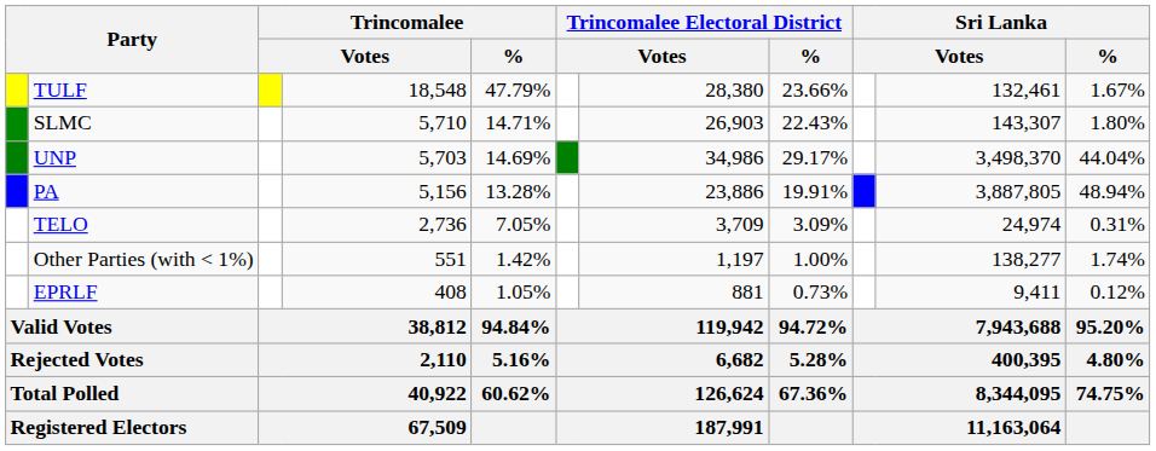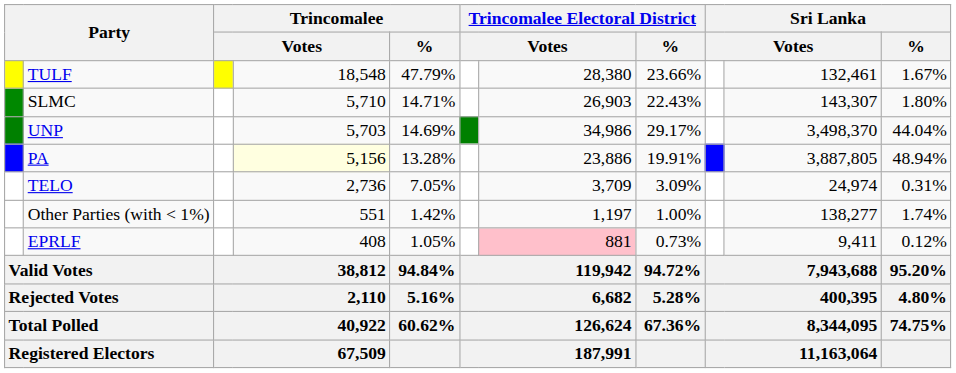 <table class="wikitable">
 <tr>
 <th colspan="2" width="144px"rowspan="2">Party</th>
 <th colspan="3" width="216px">Trincomalee</th>
 <th colspan="3" width="216px"><a href='#'>Trincomalee Electoral District</a></th>
 <th colspan="3" width="216px">Sri Lanka</th>
 </tr>
 <tr>
 <th colspan="2" width="144px">Votes</th>
 <th>%</th>
 <th colspan="2" width="144px">Votes</th>
 <th>%</th>
 <th colspan="2" width="144px">Votes</th>
 <th>%</th>
 </tr>
 <tr>
 <td style="background-color:yellow;" width="10px"></td>
 <td style="text-align:left;"><a href='#'>TULF</a></td>
 <td style="background-color:yellow;" width="10px"></td>
 <td style="text-align:right;">18,548</td>
 <td style="text-align:right;">47.79%</td>
 <td style="background-color:white;" width="10px"></td>
 <td style="text-align:right;">28,380</td>
 <td style="text-align:right;">23.66%</td>
 <td style="background-color:white;" width="10px"></td>
 <td style="text-align:right;">132,461</td>
 <td style="text-align:right;">1.67%</td>
 </tr>
 <tr>
 <td style="background-color:#008800;" width="10px"></td>
 <td style="text-align:left;">SLMC</td>
 <td style="background-color:white;" width="10px"></td>
 <td style="text-align:right;">5,710</td>
 <td style="text-align:right;">14.71%</td>
 <td style="background-color:white;" width="10px"></td>
 <td style="text-align:right;">26,903</td>
 <td style="text-align:right;">22.43%</td>
 <td style="background-color:white;" width="10px"></td>
 <td style="text-align:right;">143,307</td>
 <td style="text-align:right;">1.80%</td>
 </tr>
 <tr>
 <td style="background-color:green;" width="10px"></td>
 <td style="text-align:left;"><a href='#'>UNP</a></td>
 <td style="background-color:white;" width="10px"></td>
 <td style="text-align:right;">5,703</td>
 <td style="text-align:right;">14.69%</td>
 <td style="background-color:green;" width="10px"></td>
 <td style="text-align:right;">34,986</td>
 <td style="text-align:right;">29.17%</td>
 <td style="background-color:white;" width="10px"></td>
 <td style="text-align:right;">3,498,370</td>
 <td style="text-align:right;">44.04%</td>
 </tr>
 <tr>
 <td style="background-color:blue;" width="10px"></td>
 <td style="text-align:left;"><a href='#'>PA</a></td>
 <td style="background-color:white;" width="10px"></td>
-<td style="text-align:right;">5,156</td>
+<td style="background: lightyellow; text-align:right;">5,156</td>
 <td style="text-align:right;">13.28%</td>
 <td style="background-color:white;" width="10px"></td>
 <td style="text-align:right;">23,886</td>
 <td style="text-align:right;">19.91%</td>
 <td style="background-color:blue;" width="10px"></td>
 <td style="text-align:right;">3,887,805</td>
 <td style="text-align:right;">48.94%</td>
 </tr>
 <tr>
 <td style="background-color:white;" width="10px"></td>
 <td style="text-align:left;"><a href='#'>TELO</a></td>
 <td style="background-color:white;" width="10px"></td>
 <td style="text-align:right;">2,736</td>
 <td style="text-align:right;">7.05%</td>
 <td style="background-color:white;" width="10px"></td>
 <td style="text-align:right;">3,709</td>
 <td style="text-align:right;">3.09%</td>
 <td style="background-color:white;" width="10px"></td>
 <td style="text-align:right;">24,974</td>
 <td style="text-align:right;">0.31%</td>
 </tr>
 <tr>
 <td style="background-color:white;" width="10px"></td>
 <td style="text-align:left;">Other Parties (with < 1%)</td>
 <td style="background-color:white;" width="10px"></td>
 <td style="text-align:right;">551</td>
 <td style="text-align:right;">1.42%</td>
 <td style="background-color:white;" width="10px"></td>
 <td style="text-align:right;">1,197</td>
 <td style="text-align:right;">1.00%</td>
 <td style="background-color:white;" width="10px"></td>
 <td style="text-align:right;">138,277</td>
 <td style="text-align:right;">1.74%</td>
 </tr>
 <tr>
 <td style="background-color:white;" width="10px"></td>
 <td style="text-align:left;"><a href='#'>EPRLF</a></td>
 <td style="background-color:white;" width="10px"></td>
 <td style="text-align:right;">408</td>
 <td style="text-align:right;">1.05%</td>
 <td style="background-color:white;" width="10px"></td>
-<td style="text-align:right;">881</td>
+<td style="background: pink; text-align:right;">881</td>
 <td style="text-align:right;">0.73%</td>
 <td style="background-color:white;" width="10px"></td>
 <td style="text-align:right;">9,411</td>
 <td style="text-align:right;">0.12%</td>
 </tr>
 <tr>
 <th colspan="2" width="144px"style="text-align:left;">Valid Votes</th>
 <th style="text-align:right;"colspan="2" width="144px">38,812</th>
 <th style="text-align:right;">94.84%</th>
 <th style="text-align:right;"colspan="2" width="144px">119,942</th>
 <th style="text-align:right;">94.72%</th>
 <th style="text-align:right;"colspan="2" width="144px">7,943,688</th>
 <th style="text-align:right;">95.20%</th>
 </tr>
 <tr>
 <th colspan="2" width="144px"style="text-align:left;">Rejected Votes</th>
 <th style="text-align:right;"colspan="2" width="144px">2,110</th>
 <th style="text-align:right;">5.16%</th>
 <th style="text-align:right;"colspan="2" width="144px">6,682</th>
 <th style="text-align:right;">5.28%</th>
 <th style="text-align:right;"colspan="2" width="144px">400,395</th>
 <th style="text-align:right;">4.80%</th>
 </tr>
 <tr>
 <th colspan="2" width="144px"style="text-align:left;">Total Polled</th>
 <th style="text-align:right;"colspan="2" width="144px">40,922</th>
 <th style="text-align:right;">60.62%</th>
 <th style="text-align:right;"colspan="2" width="144px">126,624</th>
 <th style="text-align:right;">67.36%</th>
 <th style="text-align:right;"colspan="2" width="144px">8,344,095</th>
 <th style="text-align:right;">74.75%</th>
 </tr>
 <tr>
 <th colspan="2" width="144px"style="text-align:left;">Registered Electors</th>
 <th style="text-align:right;"colspan="2" width="144px">67,509</th>
 <th></th>
 <th style="text-align:right;"colspan="2" width="144px">187,991</th>
 <th></th>
 <th style="text-align:right;"colspan="2" width="144px">11,163,064</th>
 <th></th>
 </tr>
 </table>
